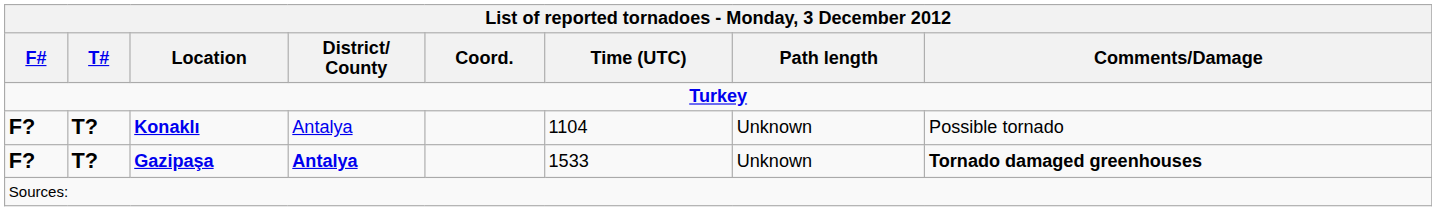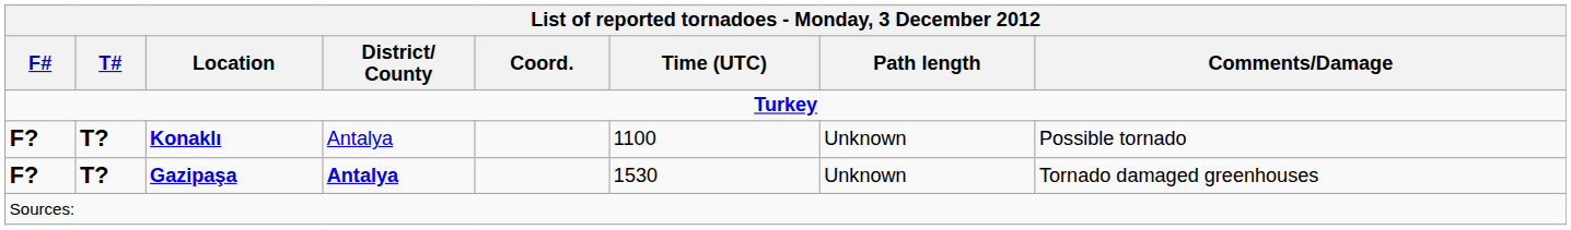 <table class="wikitable collapsible" width="100%">
 <tr>
 <th colspan="8">List of reported tornadoes - Monday, 3 December 2012</th>
 </tr>
 <tr>
 <th><a href='#'>F#</a></th>
 <th><a href='#'>T#</a></th>
 <th>Location</th>
 <th>District/<br>County</th>
 <th>Coord.</th>
 <th>Time (UTC)</th>
 <th>Path length</th>
 <th>Comments/Damage</th>
 </tr>
 <tr>
 <td colspan="8" align=center><strong><a href='#'>Turkey</a></strong></td>
 </tr>
 <tr>
 <td><big><strong>F?</strong></big></td>
 <td><big><strong>T?</strong></big></td>
 <td><strong><a href='#'>Konaklı</a></strong></td>
 <td><a href='#'>Antalya</a></td>
 <td></td>
-<td>1104</td>
+<td>1100</td>
 <td>Unknown</td>
 <td>Possible tornado</td>
 </tr>
 <tr>
 <td><big><strong>F?</strong></big></td>
 <td><big><strong>T?</strong></big></td>
 <td><strong><a href='#'>Gazipaşa</a></strong></td>
 <td><strong><a href='#'>Antalya</a></strong></td>
 <td></td>
-<td>1533</td>
+<td>1530</td>
 <td>Unknown</td>
-<td><strong>Tornado damaged greenhouses</strong></td>
+<td>Tornado damaged greenhouses</td>
 </tr>
 <tr>
 <td colspan="8"><small>Sources:  </small></td>
 </tr>
 </table>
